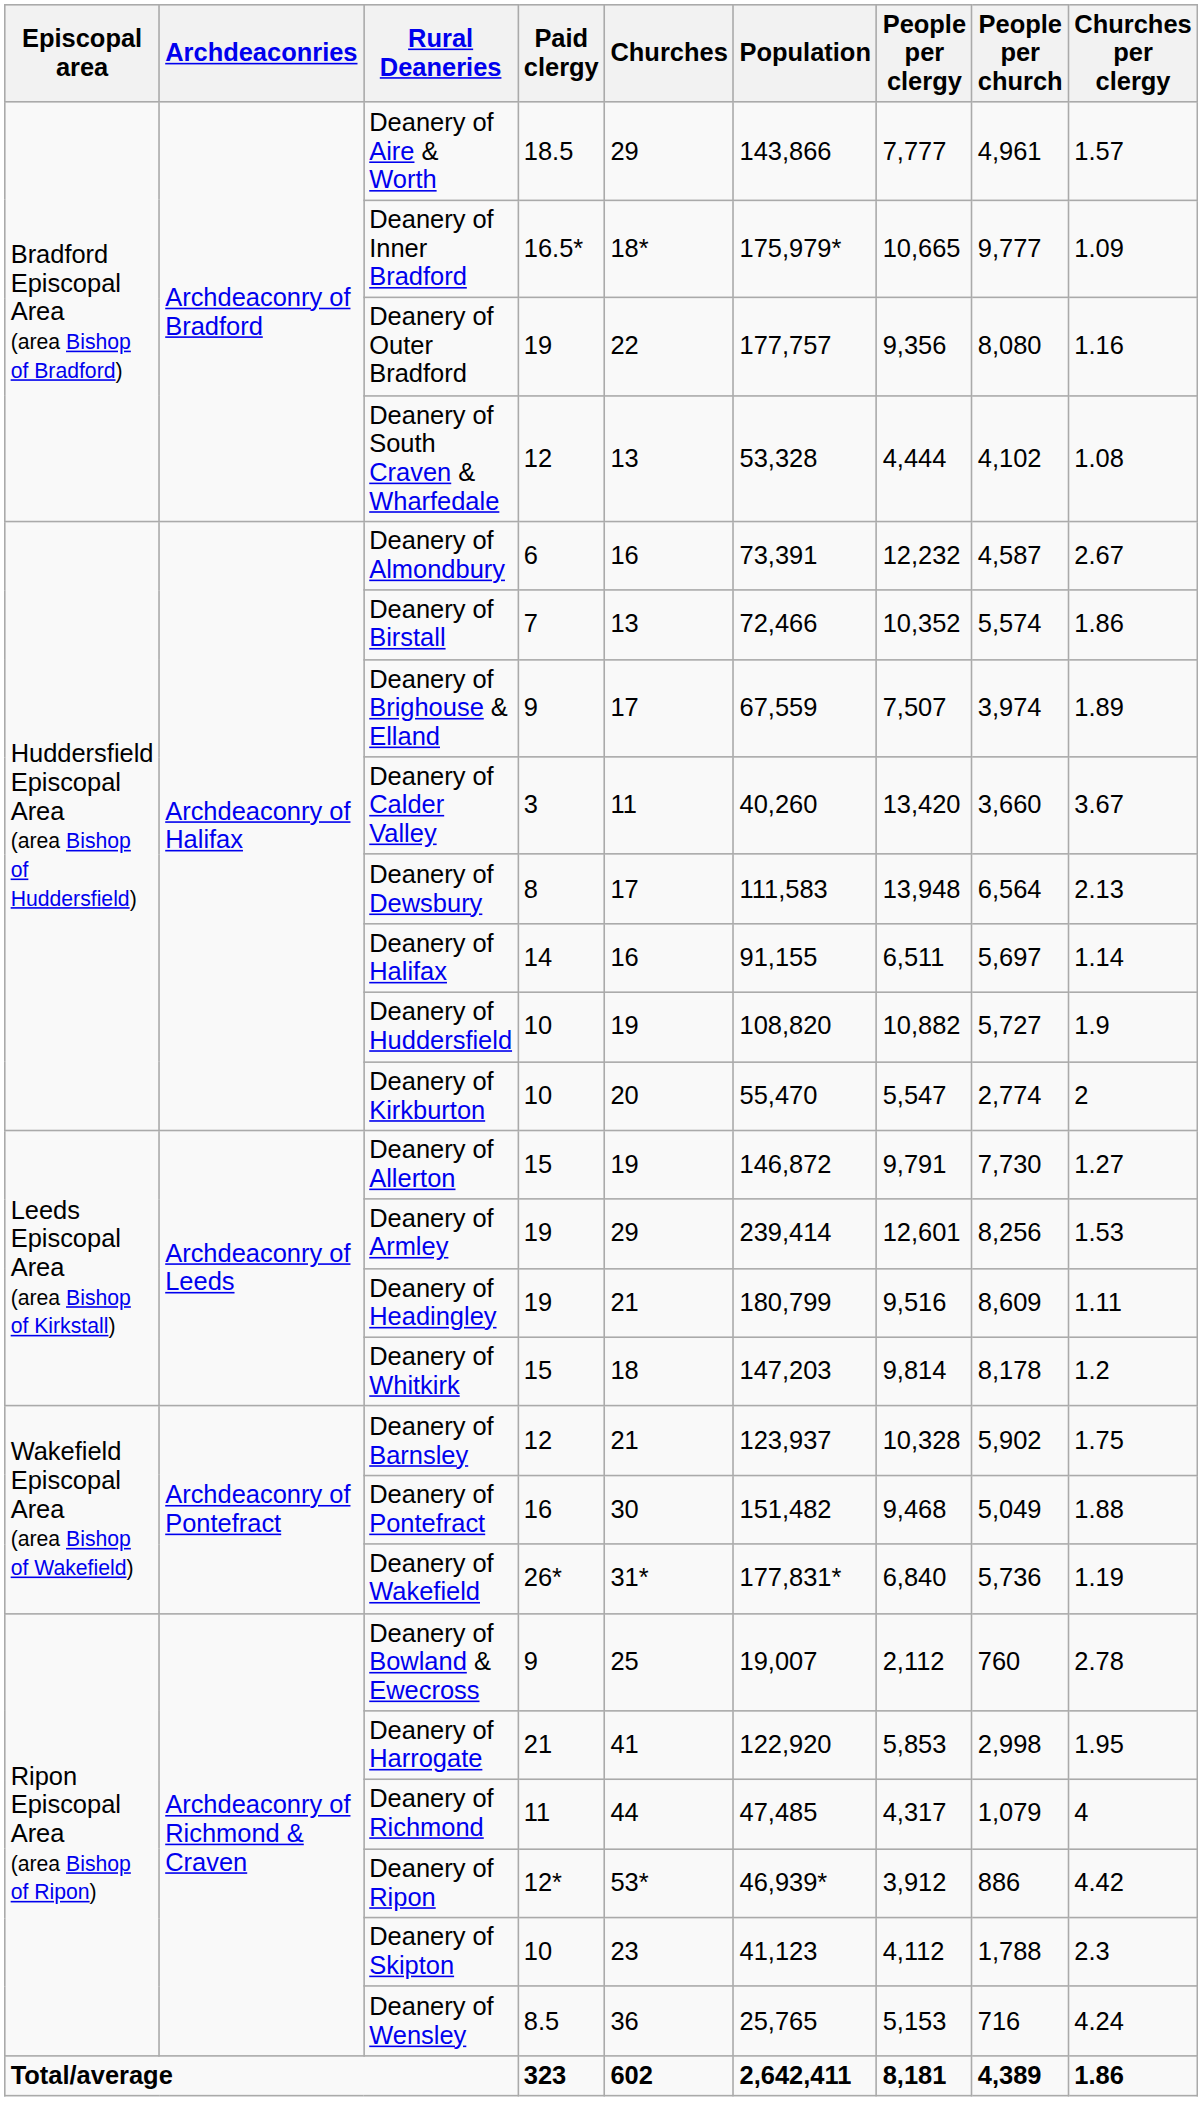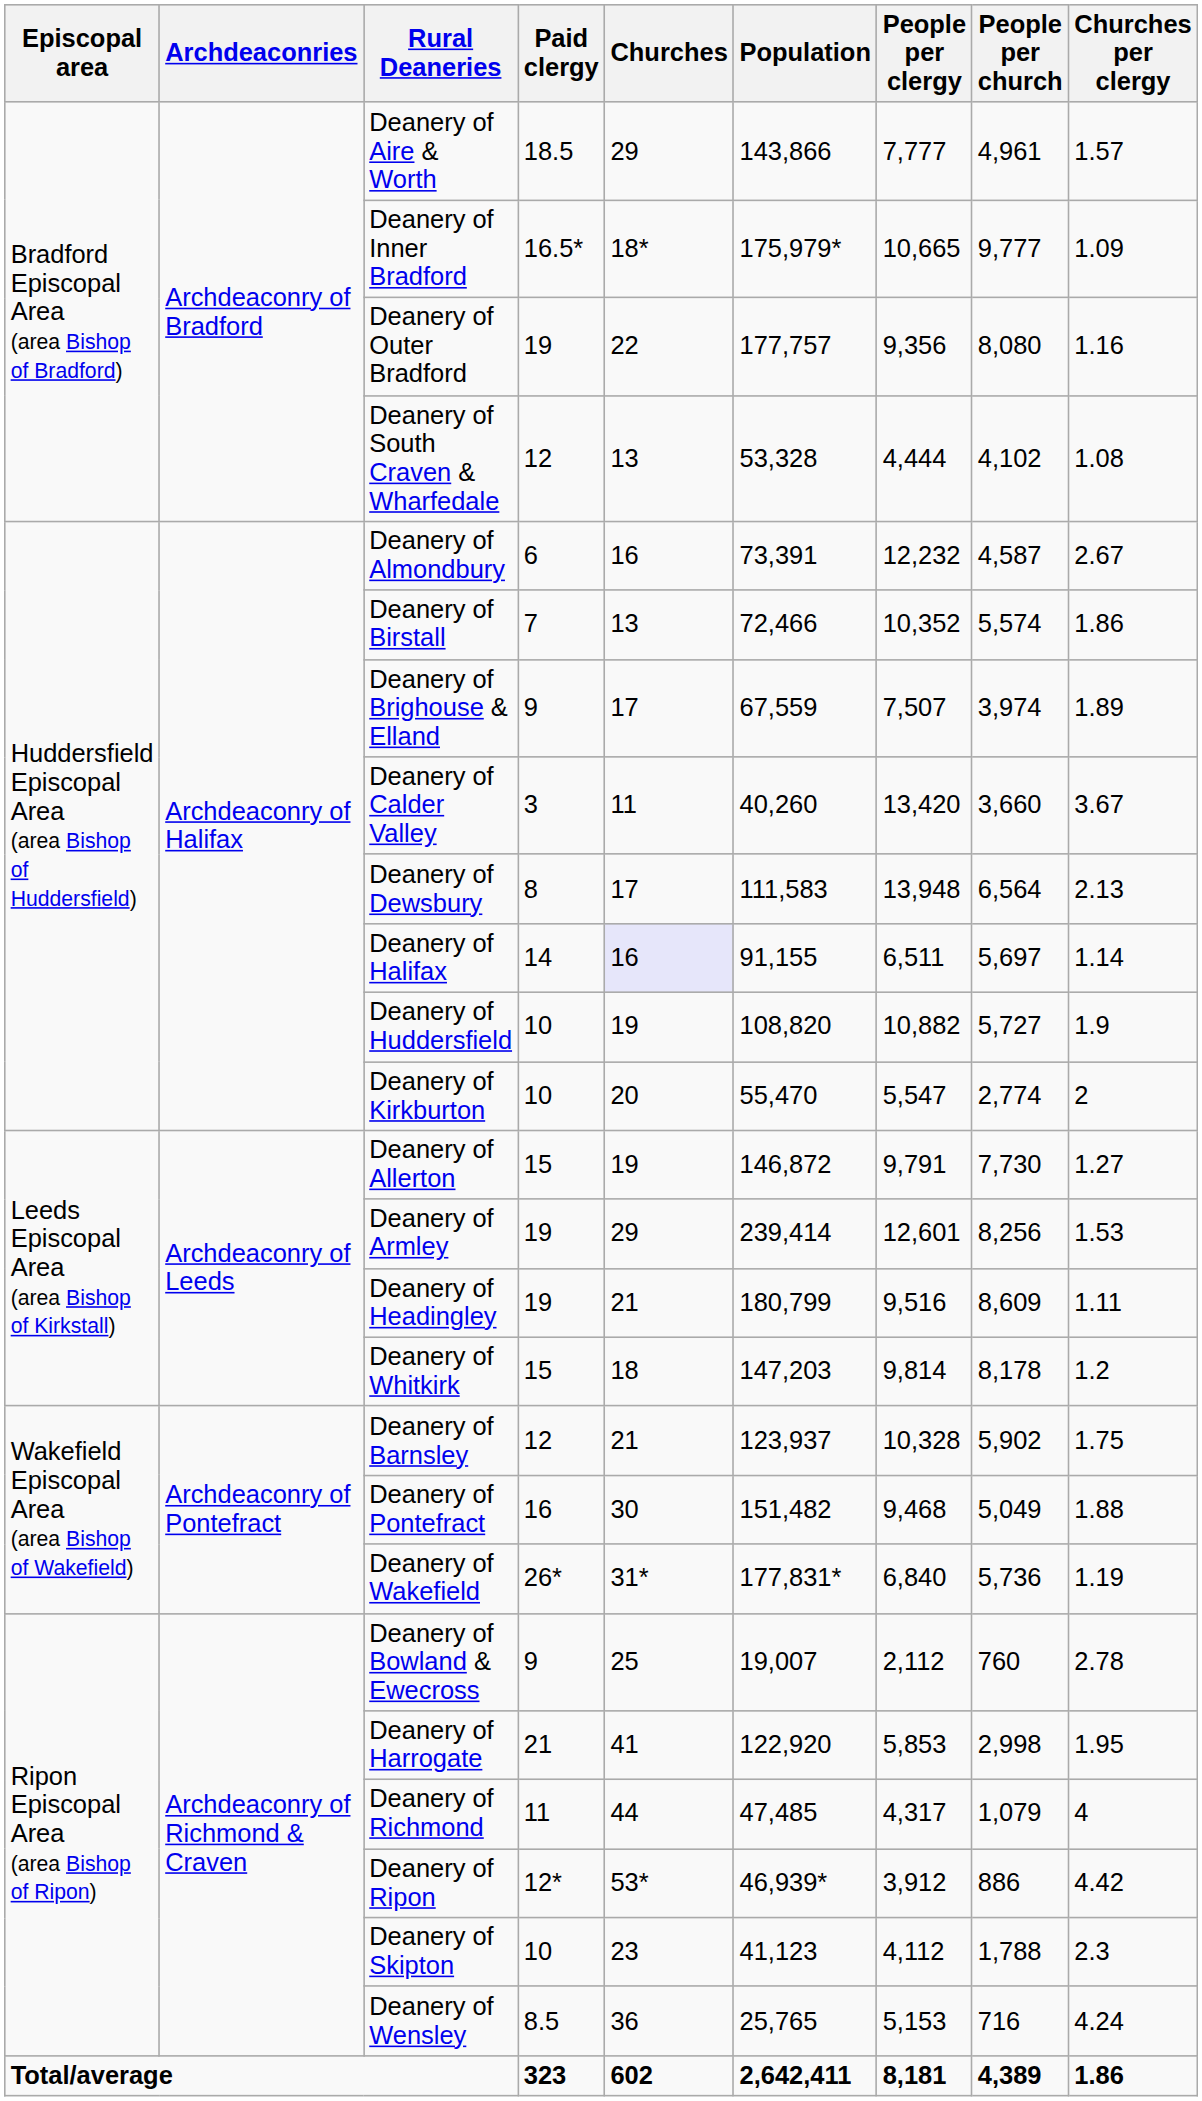 <table class="wikitable sortable">
 <tr>
 <th>Episcopal area</th>
 <th><a href='#'>Archdeaconries</a></th>
 <th><a href='#'>Rural Deaneries</a></th>
 <th>Paid clergy</th>
 <th>Churches</th>
 <th>Population</th>
 <th>People per clergy</th>
 <th>People per church</th>
 <th>Churches per clergy</th>
 </tr>
 <tr>
 <td rowspan="4">Bradford Episcopal Area<br><small>(area <a href='#'>Bishop of Bradford</a>)</small></td>
 <td rowspan="4"><a href='#'>Archdeaconry of Bradford</a></td>
 <td>Deanery of <a href='#'>Aire</a> & <a href='#'>Worth</a></td>
 <td>18.5</td>
 <td>29</td>
 <td>143,866</td>
 <td>7,777</td>
 <td>4,961</td>
 <td>1.57</td>
 </tr>
 <tr>
 <td>Deanery of Inner <a href='#'>Bradford</a></td>
 <td>16.5*</td>
 <td>18*</td>
 <td>175,979*</td>
 <td>10,665</td>
 <td>9,777</td>
 <td>1.09</td>
 </tr>
 <tr>
 <td>Deanery of Outer Bradford</td>
 <td>19</td>
 <td>22</td>
 <td>177,757</td>
 <td>9,356</td>
 <td>8,080</td>
 <td>1.16</td>
 </tr>
 <tr>
 <td>Deanery of South <a href='#'>Craven</a> & <a href='#'>Wharfedale</a></td>
 <td>12</td>
 <td>13</td>
 <td>53,328</td>
 <td>4,444</td>
 <td>4,102</td>
 <td>1.08</td>
 </tr>
 <tr>
 <td rowspan="8">Huddersfield Episcopal Area<br><small>(area <a href='#'>Bishop of Huddersfield</a>)</small></td>
 <td rowspan="8"><a href='#'>Archdeaconry of Halifax</a></td>
 <td>Deanery of <a href='#'>Almondbury</a></td>
 <td>6</td>
 <td>16</td>
 <td>73,391</td>
 <td>12,232</td>
 <td>4,587</td>
 <td>2.67</td>
 </tr>
 <tr>
 <td>Deanery of <a href='#'>Birstall</a></td>
 <td>7</td>
 <td>13</td>
 <td>72,466</td>
 <td>10,352</td>
 <td>5,574</td>
 <td>1.86</td>
 </tr>
 <tr>
 <td>Deanery of <a href='#'>Brighouse</a> & <a href='#'>Elland</a></td>
 <td>9</td>
 <td>17</td>
 <td>67,559</td>
 <td>7,507</td>
 <td>3,974</td>
 <td>1.89</td>
 </tr>
 <tr>
 <td>Deanery of <a href='#'>Calder Valley</a></td>
 <td>3</td>
 <td>11</td>
 <td>40,260</td>
 <td>13,420</td>
 <td>3,660</td>
 <td>3.67</td>
 </tr>
 <tr>
 <td>Deanery of <a href='#'>Dewsbury</a></td>
 <td>8</td>
 <td>17</td>
 <td>111,583</td>
 <td>13,948</td>
 <td>6,564</td>
 <td>2.13</td>
 </tr>
 <tr>
 <td>Deanery of <a href='#'>Halifax</a></td>
 <td>14</td>
-<td>16</td>
+<td style="background: lavender;">16</td>
 <td>91,155</td>
 <td>6,511</td>
 <td>5,697</td>
 <td>1.14</td>
 </tr>
 <tr>
 <td>Deanery of <a href='#'>Huddersfield</a></td>
 <td>10</td>
 <td>19</td>
 <td>108,820</td>
 <td>10,882</td>
 <td>5,727</td>
 <td>1.9</td>
 </tr>
 <tr>
 <td>Deanery of <a href='#'>Kirkburton</a></td>
 <td>10</td>
 <td>20</td>
 <td>55,470</td>
 <td>5,547</td>
 <td>2,774</td>
 <td>2</td>
 </tr>
 <tr>
 <td rowspan="4">Leeds Episcopal Area<br><small>(area <a href='#'>Bishop of Kirkstall</a>)</small></td>
 <td rowspan="4"><a href='#'>Archdeaconry of Leeds</a></td>
 <td>Deanery of <a href='#'>Allerton</a></td>
 <td>15</td>
 <td>19</td>
 <td>146,872</td>
 <td>9,791</td>
 <td>7,730</td>
 <td>1.27</td>
 </tr>
 <tr>
 <td>Deanery of <a href='#'>Armley</a></td>
 <td>19</td>
 <td>29</td>
 <td>239,414</td>
 <td>12,601</td>
 <td>8,256</td>
 <td>1.53</td>
 </tr>
 <tr>
 <td>Deanery of <a href='#'>Headingley</a></td>
 <td>19</td>
 <td>21</td>
 <td>180,799</td>
 <td>9,516</td>
 <td>8,609</td>
 <td>1.11</td>
 </tr>
 <tr>
 <td>Deanery of <a href='#'>Whitkirk</a></td>
 <td>15</td>
 <td>18</td>
 <td>147,203</td>
 <td>9,814</td>
 <td>8,178</td>
 <td>1.2</td>
 </tr>
 <tr>
 <td rowspan="3">Wakefield Episcopal Area<br><small>(area <a href='#'>Bishop of Wakefield</a>)</small></td>
 <td rowspan="3"><a href='#'>Archdeaconry of Pontefract</a></td>
 <td>Deanery of <a href='#'>Barnsley</a></td>
 <td>12</td>
 <td>21</td>
 <td>123,937</td>
 <td>10,328</td>
 <td>5,902</td>
 <td>1.75</td>
 </tr>
 <tr>
 <td>Deanery of <a href='#'>Pontefract</a></td>
 <td>16</td>
 <td>30</td>
 <td>151,482</td>
 <td>9,468</td>
 <td>5,049</td>
 <td>1.88</td>
 </tr>
 <tr>
 <td>Deanery of <a href='#'>Wakefield</a></td>
 <td>26*</td>
 <td>31*</td>
 <td>177,831*</td>
 <td>6,840</td>
 <td>5,736</td>
 <td>1.19</td>
 </tr>
 <tr>
 <td rowspan="6">Ripon Episcopal Area<br><small>(area <a href='#'>Bishop of Ripon</a>)</small></td>
 <td rowspan="6"><a href='#'>Archdeaconry of Richmond & Craven</a></td>
 <td>Deanery of <a href='#'>Bowland</a> & <a href='#'>Ewecross</a></td>
 <td>9</td>
 <td>25</td>
 <td>19,007</td>
 <td>2,112</td>
 <td>760</td>
 <td>2.78</td>
 </tr>
 <tr>
 <td>Deanery of <a href='#'>Harrogate</a></td>
 <td>21</td>
 <td>41</td>
 <td>122,920</td>
 <td>5,853</td>
 <td>2,998</td>
 <td>1.95</td>
 </tr>
 <tr>
 <td>Deanery of <a href='#'>Richmond</a></td>
 <td>11</td>
 <td>44</td>
 <td>47,485</td>
 <td>4,317</td>
 <td>1,079</td>
 <td>4</td>
 </tr>
 <tr>
 <td>Deanery of <a href='#'>Ripon</a></td>
 <td>12*</td>
 <td>53*</td>
 <td>46,939*</td>
 <td>3,912</td>
 <td>886</td>
 <td>4.42</td>
 </tr>
 <tr>
 <td>Deanery of <a href='#'>Skipton</a></td>
 <td>10</td>
 <td>23</td>
 <td>41,123</td>
 <td>4,112</td>
 <td>1,788</td>
 <td>2.3</td>
 </tr>
 <tr>
 <td>Deanery of <a href='#'>Wensley</a></td>
 <td>8.5</td>
 <td>36</td>
 <td>25,765</td>
 <td>5,153</td>
 <td>716</td>
 <td>4.24</td>
 </tr>
 <tr>
 <td colspan="3"><strong>Total/average</strong></td>
 <td><strong>323</strong></td>
 <td><strong>602</strong></td>
 <td><strong>2,642,411</strong></td>
 <td><strong>8,181</strong></td>
 <td><strong>4,389</strong></td>
 <td><strong>1.86</strong></td>
 </tr>
 </table>
